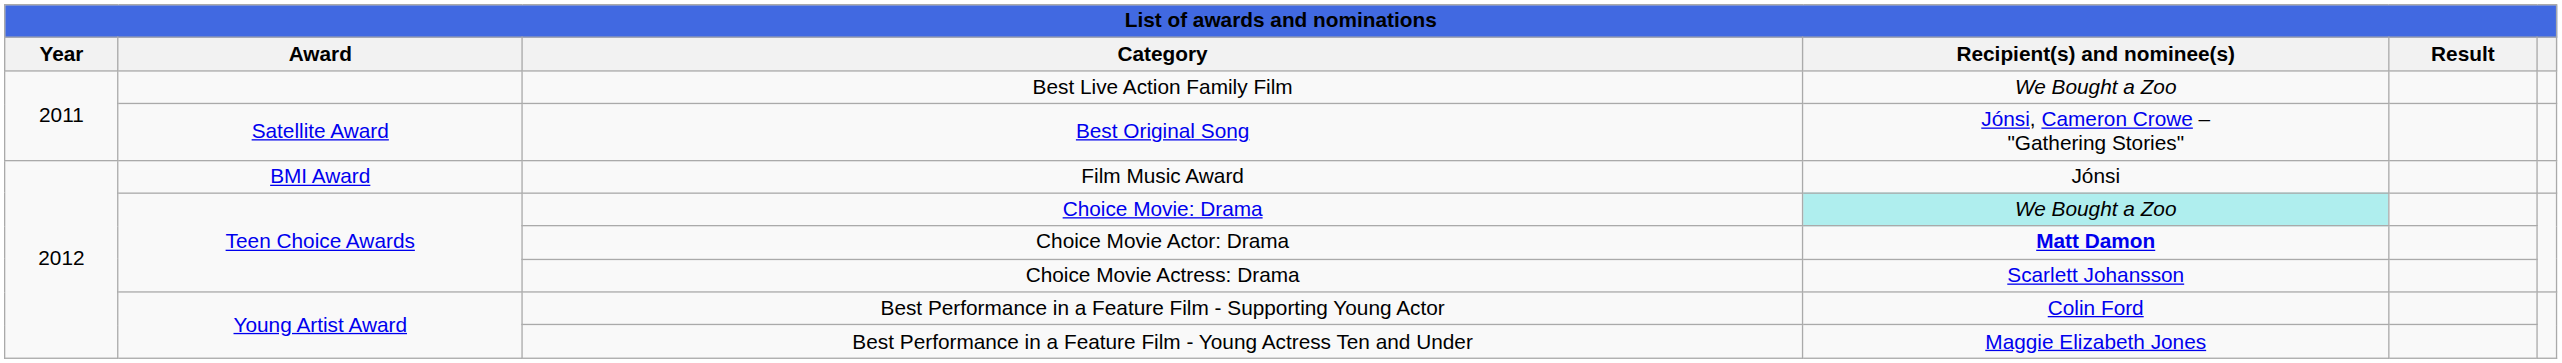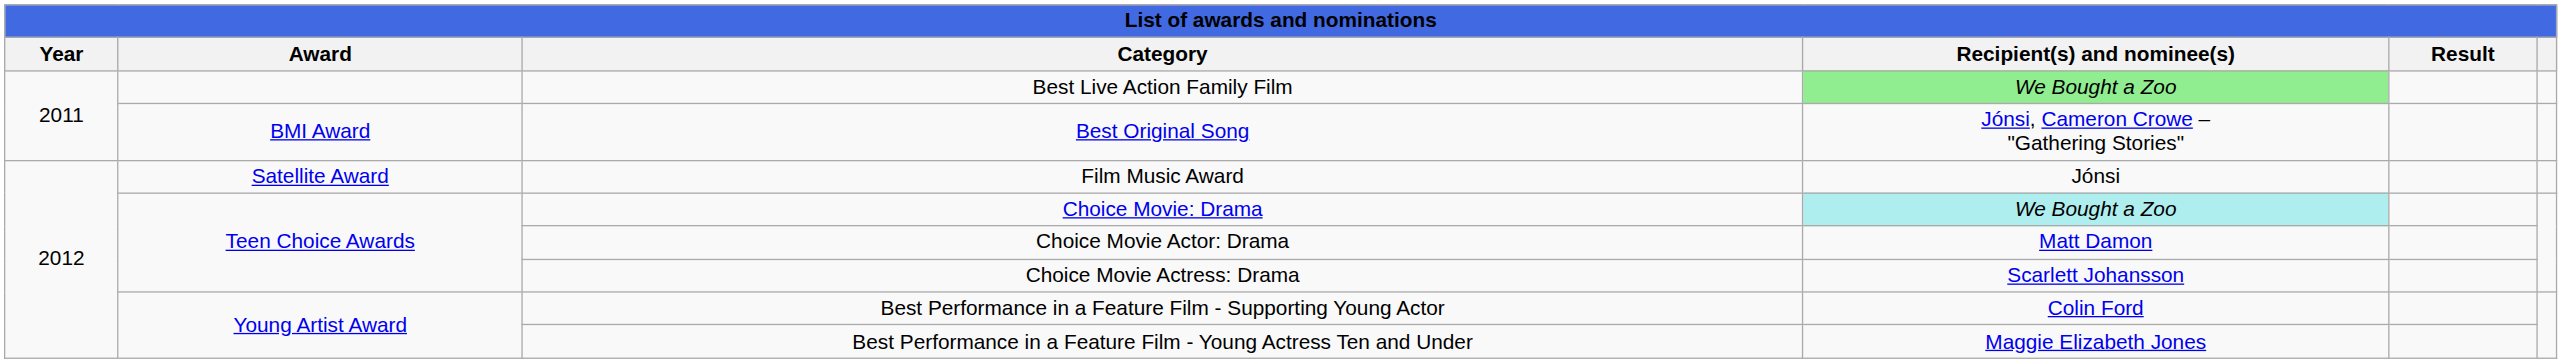 <table class="wikitable sortable" width="99%" style="text-align:center;">
 <tr style="background:#ccc;">
 <th colspan="6" style="background: RoyalBlue;">List of awards and nominations</th>
 </tr>
 <tr style="background:#ccc; text-align:center;">
 <th>Year</th>
 <th>Award</th>
 <th>Category</th>
 <th>Recipient(s) and nominee(s)</th>
 <th>Result</th>
 <th scope="col" class="unsortable"></th>
 </tr>
 <tr>
 <td rowspan="2">2011</td>
 <td></td>
 <td>Best Live Action Family Film</td>
-<td><em>We Bought a Zoo</em></td>
+<td style="background: lightgreen;"><em>We Bought a Zoo</em></td>
 <td></td>
 <td></td>
 </tr>
 <tr>
-<td><a href='#'>Satellite Award</a></td>
+<td><a href='#'>BMI Award</a></td>
 <td><a href='#'>Best Original Song</a></td>
 <td><a href='#'>Jónsi</a>, <a href='#'>Cameron Crowe</a> –<br>"Gathering Stories"</td>
 <td></td>
 <td></td>
 </tr>
 <tr>
 <td rowspan="6">2012</td>
-<td><a href='#'>BMI Award</a></td>
+<td><a href='#'>Satellite Award</a></td>
 <td>Film Music Award</td>
 <td>Jónsi</td>
 <td></td>
 <td></td>
 </tr>
 <tr>
 <td rowspan="3"><a href='#'>Teen Choice Awards</a></td>
 <td><a href='#'>Choice Movie: Drama</a></td>
 <td style="background: paleturquoise;"><em>We Bought a Zoo</em></td>
 <td></td>
 <td rowspan="3"></td>
 </tr>
 <tr>
 <td>Choice Movie Actor: Drama</td>
-<td><strong><a href='#'>Matt Damon</a></strong></td>
+<td><a href='#'>Matt Damon</a></td>
 <td></td>
 </tr>
 <tr>
 <td>Choice Movie Actress: Drama</td>
 <td><a href='#'>Scarlett Johansson</a></td>
 <td></td>
 </tr>
 <tr>
 <td rowspan="2"><a href='#'>Young Artist Award</a></td>
 <td>Best Performance in a Feature Film - Supporting Young Actor</td>
 <td><a href='#'>Colin Ford</a></td>
 <td></td>
 <td rowspan="2"></td>
 </tr>
 <tr>
 <td>Best Performance in a Feature Film - Young Actress Ten and Under</td>
 <td><a href='#'>Maggie Elizabeth Jones</a></td>
 <td></td>
 </tr>
 </table>
